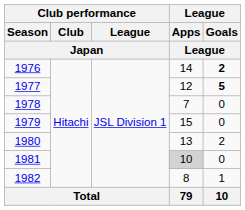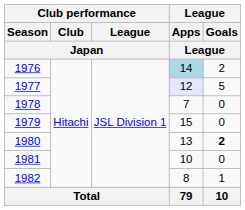 <table class="wikitable" style="text-align:center;">
 <tr>
 <th colspan=3>Club performance</th>
 <th colspan=2>League</th>
 </tr>
 <tr>
 <th>Season</th>
 <th>Club</th>
 <th>League</th>
 <th>Apps</th>
 <th>Goals</th>
 </tr>
 <tr>
 <th colspan=3>Japan</th>
 <th colspan=2>League</th>
 </tr>
 <tr>
 <td><a href='#'>1976</a></td>
 <td rowspan="7"><a href='#'>Hitachi</a></td>
 <td rowspan="7"><a href='#'>JSL Division 1</a></td>
-<td>14</td>
-<td><strong>2</strong></td>
+<td style="background: lightblue;">14</td>
+<td>2</td>
 </tr>
 <tr>
 <td><a href='#'>1977</a></td>
-<td>12</td>
-<td><strong>5</strong></td>
+<td style="background: lavender;">12</td>
+<td>5</td>
 </tr>
 <tr>
 <td><a href='#'>1978</a></td>
 <td>7</td>
 <td>0</td>
 </tr>
 <tr>
 <td><a href='#'>1979</a></td>
 <td>15</td>
 <td>0</td>
 </tr>
 <tr>
 <td><a href='#'>1980</a></td>
 <td>13</td>
-<td>2</td>
+<td><strong>2</strong></td>
 </tr>
 <tr>
 <td><a href='#'>1981</a></td>
-<td style="background: lightgrey;">10</td>
+<td>10</td>
 <td>0</td>
 </tr>
 <tr>
 <td><a href='#'>1982</a></td>
 <td>8</td>
 <td>1</td>
 </tr>
 <tr>
 <th colspan=3>Total</th>
 <th>79</th>
 <th>10</th>
 </tr>
 </table>
